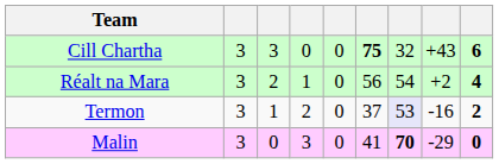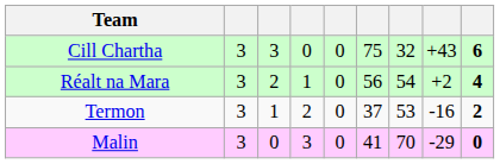 <table class="wikitable" style="text-align:center">
 <tr>
 <th style="width:175px;">Team</th>
 <th width="20"></th>
 <th width="20"></th>
 <th width="20"></th>
 <th width="20"></th>
 <th width="20"></th>
 <th width="20"></th>
 <th width="20"></th>
 <th width="20"></th>
 </tr>
 <tr style="background:#cfc;">
 <td><a href='#'>Cill Chartha</a></td>
 <td>3</td>
 <td>3</td>
 <td>0</td>
 <td>0</td>
-<td><strong>75</strong></td>
+<td>75</td>
 <td>32</td>
 <td>+43</td>
 <td><strong>6</strong></td>
 </tr>
 <tr style="background:#cfc;">
 <td><a href='#'>Réalt na Mara</a></td>
 <td>3</td>
 <td>2</td>
 <td>1</td>
 <td>0</td>
 <td>56</td>
 <td>54</td>
 <td>+2</td>
 <td><strong>4</strong></td>
 </tr>
 <tr>
 <td><a href='#'>Termon</a></td>
 <td>3</td>
 <td>1</td>
 <td>2</td>
 <td>0</td>
 <td>37</td>
-<td style="background: lavender;">53</td>
+<td>53</td>
 <td>-16</td>
 <td><strong>2</strong></td>
 </tr>
 <tr style="background:#fcf;">
 <td><a href='#'>Malin</a></td>
 <td>3</td>
 <td>0</td>
 <td>3</td>
 <td>0</td>
 <td>41</td>
-<td><strong>70</strong></td>
+<td>70</td>
 <td>-29</td>
 <td><strong>0</strong></td>
 </tr>
 </table>
